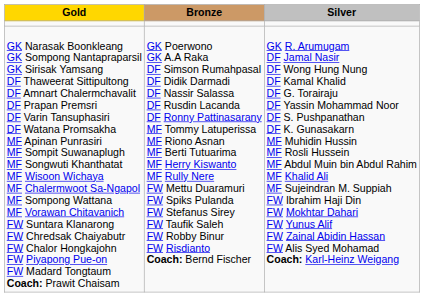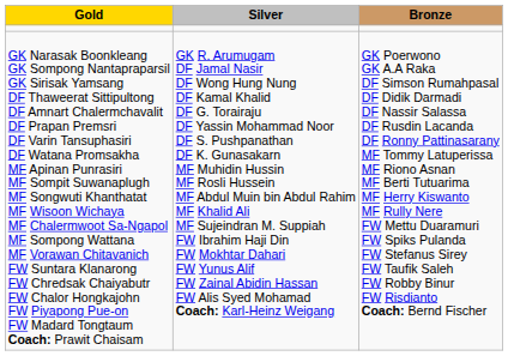 <table class="wikitable">
 <tr>
 <th style="background: gold">Gold</th>
+<th style="background: silver">Silver</th>
 <th style="background: #cc9966">Bronze</th>
-<th style="background: silver">Silver</th>
 </tr>
 <tr>
 <td align="center"></td>
 <td align="center"></td>
 <td align="center"></td>
 </tr>
 <tr>
 <td valign="top"><br><a href='#'>GK</a> Narasak Boonkleang <br> <a href='#'>GK</a> Sompong Nantapraparsil <br> <a href='#'>GK</a> Sirisak Yamsang <br> <a href='#'>DF</a> Thaweerat Sittipultong  <br> <a href='#'>DF</a> Amnart Chalermchavalit <br> <a href='#'>DF</a> Prapan Premsri <br> <a href='#'>DF</a> Varin Tansuphasiri <br>                <a href='#'>DF</a> Watana Promsakha <br> <a href='#'>MF</a> Apinan Punrasiri <br> <a href='#'>MF</a> Sompit Suwanaplugh <br>                                     <a href='#'>MF</a> Songwuti Khanthatat  <br>            <a href='#'>MF</a> <a href='#'>Wisoon Wichaya</a> <br>                     <a href='#'>MF</a> <a href='#'>Chalermwoot Sa-Ngapol</a> <br> <a href='#'>MF</a> Sompong Wattana <br> <a href='#'>MF</a> <a href='#'>Vorawan Chitavanich</a> <br> <a href='#'>FW</a> Suntara Klanarong <br>    <a href='#'>FW</a> Chredsak Chaiyabutr <br> <a href='#'>FW</a> Chalor Hongkajohn <br> <a href='#'>FW</a> <a href='#'>Piyapong Pue-on</a> <br> <a href='#'>FW</a> Madard Tongtaum <br> <strong>Coach:</strong> Prawit Chaisam <br></td>
+<td valign="top"><br><a href='#'>GK</a> <a href='#'>R. Arumugam</a> <br> <a href='#'>DF</a> <a href='#'>Jamal Nasir</a> <br> <a href='#'>DF</a> Wong Hung Nung <br> <a href='#'>DF</a> Kamal Khalid <br> <a href='#'>DF</a> G. Torairaju <br>  <a href='#'>DF</a> Yassin Mohammad Noor <br>  <a href='#'>DF</a> S. Pushpanathan <br>   <a href='#'>DF</a> K. Gunasakarn <br> <a href='#'>MF</a> Muhidin Hussin <br> <a href='#'>MF</a> Rosli Hussein <br> <a href='#'>MF</a> Abdul Muin bin Abdul Rahim <br> <a href='#'>MF</a> <a href='#'>Khalid Ali</a> <br> <a href='#'>MF</a> Sujeindran M. Suppiah <br> <a href='#'>FW</a> Ibrahim Haji Din <br> <a href='#'>FW</a> <a href='#'>Mokhtar Dahari</a> <br> <a href='#'>FW</a> <a href='#'>Yunus Alif</a> <br> <a href='#'>FW</a> <a href='#'>Zainal Abidin Hassan</a> <br>  <a href='#'>FW</a> Alis Syed Mohamad <br> <strong>Coach:</strong> <a href='#'>Karl-Heinz Weigang</a> <br></td>
 <td valign="top"><br><a href='#'>GK</a> Poerwono <br> <a href='#'>GK</a> A.A Raka <br> <a href='#'>DF</a> Simson Rumahpasal <br> <a href='#'>DF</a> Didik Darmadi <br> <a href='#'>DF</a> Nassir Salassa <br> <a href='#'>DF</a> Rusdin Lacanda <br> <a href='#'>DF</a> <a href='#'>Ronny Pattinasarany</a> <br> <a href='#'>MF</a> Tommy Latuperissa <br> <a href='#'>MF</a> Riono Asnan <br> <a href='#'>MF</a> Berti Tutuarima <br> <a href='#'>MF</a> <a href='#'>Herry Kiswanto</a> <br> <a href='#'>MF</a> <a href='#'>Rully Nere</a> <br> <a href='#'>FW</a> Mettu Duaramuri <br> <a href='#'>FW</a> Spiks Pulanda <br> <a href='#'>FW</a> Stefanus Sirey <br> <a href='#'>FW</a> Taufik Saleh <br> <a href='#'>FW</a> Robby Binur <br> <a href='#'>FW</a> <a href='#'>Risdianto</a> <br> <strong>Coach:</strong> Bernd Fischer <br></td>
-<td valign="top"><br><a href='#'>GK</a> <a href='#'>R. Arumugam</a> <br> <a href='#'>DF</a> <a href='#'>Jamal Nasir</a> <br> <a href='#'>DF</a> Wong Hung Nung <br> <a href='#'>DF</a> Kamal Khalid <br> <a href='#'>DF</a> G. Torairaju <br>  <a href='#'>DF</a> Yassin Mohammad Noor <br>  <a href='#'>DF</a> S. Pushpanathan <br>   <a href='#'>DF</a> K. Gunasakarn <br> <a href='#'>MF</a> Muhidin Hussin <br> <a href='#'>MF</a> Rosli Hussein <br> <a href='#'>MF</a> Abdul Muin bin Abdul Rahim <br> <a href='#'>MF</a> <a href='#'>Khalid Ali</a> <br> <a href='#'>MF</a> Sujeindran M. Suppiah <br> <a href='#'>FW</a> Ibrahim Haji Din <br> <a href='#'>FW</a> <a href='#'>Mokhtar Dahari</a> <br> <a href='#'>FW</a> <a href='#'>Yunus Alif</a> <br> <a href='#'>FW</a> <a href='#'>Zainal Abidin Hassan</a> <br>  <a href='#'>FW</a> Alis Syed Mohamad <br> <strong>Coach:</strong> <a href='#'>Karl-Heinz Weigang</a> <br></td>
 </tr>
 </table>
